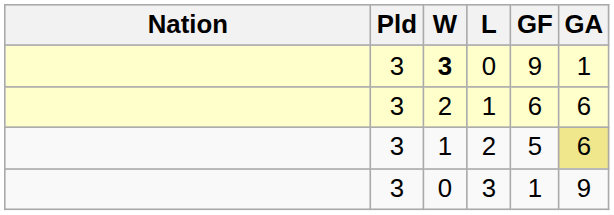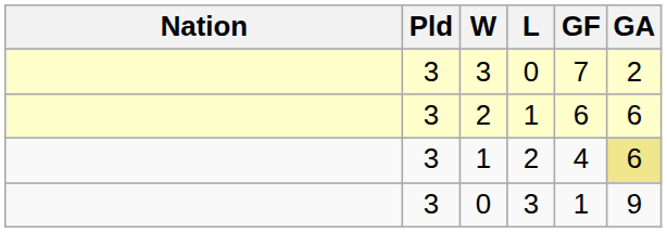 <table class=wikitable style="text-align:center">
 <tr>
 <th width=220]]>Nation</th>
 <th width=20]]>Pld</th>
 <th width=20>W</th>
 <th width=20]]>L</th>
 <th width=20]]>GF</th>
 <th width=20]]>GA</th>
 </tr>
 <tr bgcolor=#ffffcc>
 <td align=left></td>
 <td>3</td>
-<td><strong>3</strong></td>
+<td>3</td>
 <td>0</td>
-<td>9</td>
-<td>1</td>
+<td>7</td>
+<td>2</td>
 </tr>
 <tr bgcolor=#ffffcc>
 <td align=left></td>
 <td>3</td>
 <td>2</td>
 <td>1</td>
 <td>6</td>
 <td>6</td>
 </tr>
 <tr>
 <td align=left></td>
 <td>3</td>
 <td>1</td>
 <td>2</td>
-<td>5</td>
+<td>4</td>
 <td style="background: khaki;">6</td>
 </tr>
 <tr>
 <td align=left></td>
 <td>3</td>
 <td>0</td>
 <td>3</td>
 <td>1</td>
 <td>9</td>
 </tr>
 </table>
